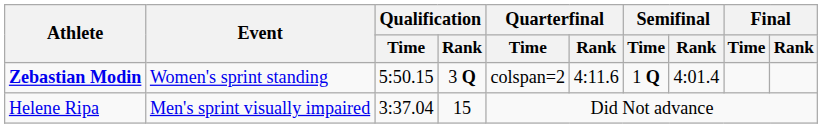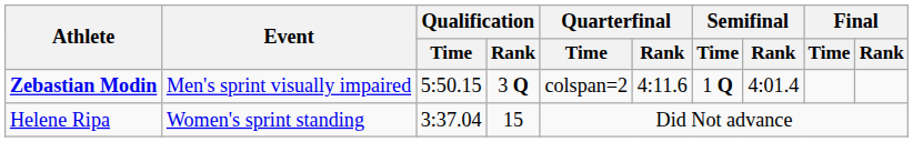 <table class="wikitable" style="font-size:90%">
 <tr>
 <th rowspan="2">Athlete</th>
 <th rowspan="2">Event</th>
 <th colspan="2">Qualification</th>
 <th colspan="2">Quarterfinal</th>
 <th colspan="2">Semifinal</th>
 <th colspan="2">Final</th>
 </tr>
 <tr style="font-size:95%">
 <th>Time</th>
 <th>Rank</th>
 <th>Time</th>
 <th>Rank</th>
 <th>Time</th>
 <th>Rank</th>
 <th>Time</th>
 <th>Rank</th>
 </tr>
 <tr align=center>
 <td align=left><strong><a href='#'>Zebastian Modin</a></strong></td>
-<td align=left><a href='#'>Women's sprint standing</a></td>
+<td align=left><a href='#'>Men's sprint visually impaired</a></td>
 <td>5:50.15</td>
 <td>3 <strong>Q</strong></td>
 <td>colspan=2 </td>
 <td>4:11.6</td>
 <td>1 <strong>Q</strong></td>
 <td>4:01.4</td>
 <td></td>
 </tr>
 <tr align=center>
 <td align=left><a href='#'>Helene Ripa</a></td>
-<td align=left><a href='#'>Men's sprint visually impaired</a></td>
+<td align=left><a href='#'>Women's sprint standing</a></td>
 <td>3:37.04</td>
 <td>15</td>
 <td colspan=6>Did Not advance</td>
 </tr>
 </table>
